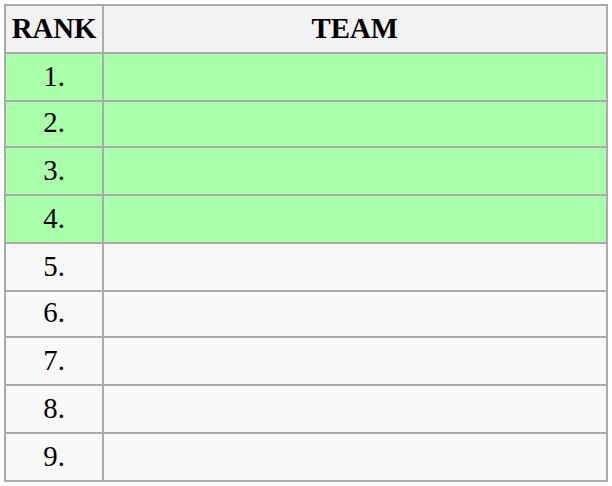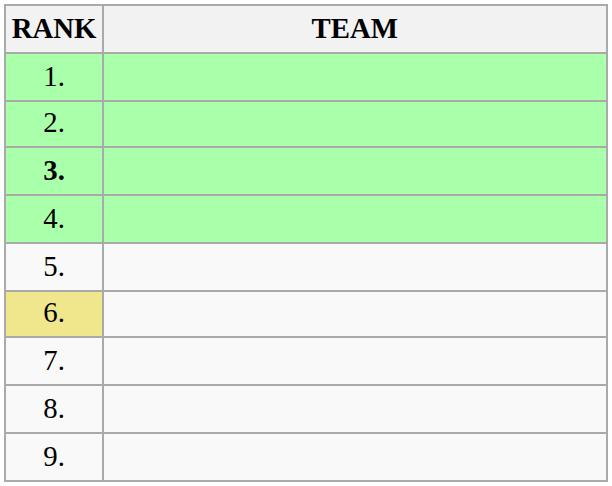 <table class="wikitable" style="border-collapse: collapse; font-size: 90%;">
 <tr>
 <th>RANK</th>
 <th align="left" style="width: 17em">TEAM</th>
 </tr>
 <tr bgcolor=#AAFFAA>
 <td align="center">1.</td>
 <td></td>
 </tr>
 <tr bgcolor=#AAFFAA>
 <td align="center">2.</td>
 <td></td>
 </tr>
 <tr bgcolor=#AAFFAA>
-<td align="center">3.</td>
+<td align="center"><strong>3.</strong></td>
 <td></td>
 </tr>
 <tr bgcolor=#AAFFAA>
 <td align="center">4.</td>
 <td></td>
 </tr>
 <tr>
 <td align="center">5.</td>
 <td></td>
 </tr>
 <tr>
-<td align="center">6.</td>
+<td align="center" style="background: khaki;">6.</td>
 <td></td>
 </tr>
 <tr>
 <td align="center">7.</td>
 <td></td>
 </tr>
 <tr>
 <td align="center">8.</td>
 <td></td>
 </tr>
 <tr>
 <td align="center">9.</td>
 <td></td>
 </tr>
 </table>
